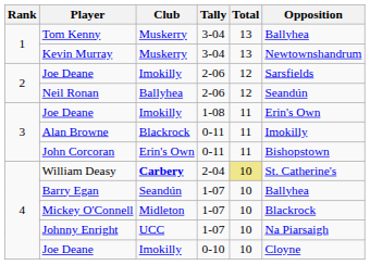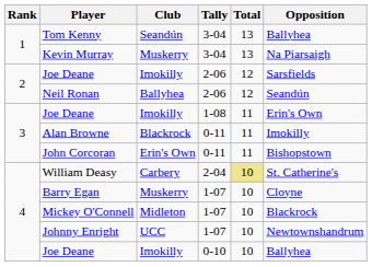 <table class="wikitable">
 <tr>
 <th>Rank</th>
 <th>Player</th>
 <th>Club</th>
 <th>Tally</th>
 <th>Total</th>
 <th>Opposition</th>
 </tr>
 <tr>
 <td rowspan="2" style="text-align:center;">1</td>
 <td><a href='#'>Tom Kenny</a></td>
-<td><a href='#'>Muskerry</a></td>
+<td><a href='#'>Seandún</a></td>
 <td align=center>3-04</td>
 <td align=center>13</td>
 <td><a href='#'>Ballyhea</a></td>
 </tr>
 <tr>
 <td><a href='#'>Kevin Murray</a></td>
 <td><a href='#'>Muskerry</a></td>
 <td align=center>3-04</td>
 <td align=center>13</td>
-<td><a href='#'>Newtownshandrum</a></td>
+<td><a href='#'>Na Piarsaigh</a></td>
 </tr>
 <tr>
 <td rowspan="2" style="text-align:center;">2</td>
 <td><a href='#'>Joe Deane</a></td>
 <td><a href='#'>Imokilly</a></td>
 <td align=center>2-06</td>
 <td align=center>12</td>
 <td><a href='#'>Sarsfields</a></td>
 </tr>
 <tr>
 <td><a href='#'>Neil Ronan</a></td>
 <td><a href='#'>Ballyhea</a></td>
 <td align=center>2-06</td>
 <td align=center>12</td>
 <td><a href='#'>Seandún</a></td>
 </tr>
 <tr>
 <td rowspan="3" style="text-align:center;">3</td>
 <td><a href='#'>Joe Deane</a></td>
 <td><a href='#'>Imokilly</a></td>
 <td align=center>1-08</td>
 <td align=center>11</td>
 <td><a href='#'>Erin's Own</a></td>
 </tr>
 <tr>
 <td><a href='#'>Alan Browne</a></td>
 <td><a href='#'>Blackrock</a></td>
 <td align=center>0-11</td>
 <td align=center>11</td>
 <td><a href='#'>Imokilly</a></td>
 </tr>
 <tr>
 <td><a href='#'>John Corcoran</a></td>
 <td><a href='#'>Erin's Own</a></td>
 <td align=center>0-11</td>
 <td align=center>11</td>
 <td><a href='#'>Bishopstown</a></td>
 </tr>
 <tr>
 <td rowspan="5" style="text-align:center;">4</td>
 <td>William Deasy</td>
-<td><strong><a href='#'>Carbery</a></strong></td>
+<td><a href='#'>Carbery</a></td>
 <td align=center>2-04</td>
 <td align=center style="background: khaki;">10</td>
 <td><a href='#'>St. Catherine's</a></td>
 </tr>
 <tr>
 <td><a href='#'>Barry Egan</a></td>
-<td><a href='#'>Seandún</a></td>
+<td><a href='#'>Muskerry</a></td>
 <td align=center>1-07</td>
 <td align=center>10</td>
-<td><a href='#'>Ballyhea</a></td>
+<td><a href='#'>Cloyne</a></td>
 </tr>
 <tr>
 <td><a href='#'>Mickey O'Connell</a></td>
 <td><a href='#'>Midleton</a></td>
 <td align=center>1-07</td>
 <td align=center>10</td>
 <td><a href='#'>Blackrock</a></td>
 </tr>
 <tr>
 <td><a href='#'>Johnny Enright</a></td>
 <td><a href='#'>UCC</a></td>
 <td align=center>1-07</td>
 <td align=center>10</td>
-<td><a href='#'>Na Piarsaigh</a></td>
+<td><a href='#'>Newtownshandrum</a></td>
 </tr>
 <tr>
 <td><a href='#'>Joe Deane</a></td>
 <td><a href='#'>Imokilly</a></td>
 <td align=center>0-10</td>
 <td align=center>10</td>
-<td><a href='#'>Cloyne</a></td>
+<td><a href='#'>Ballyhea</a></td>
 </tr>
 </table>
